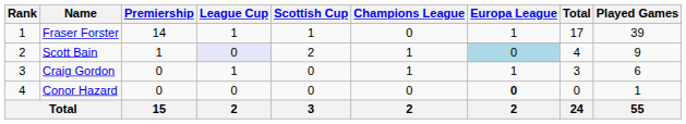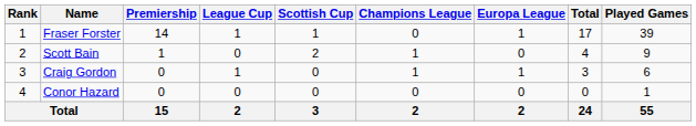 <table class="wikitable sortable" style="text-align: center;">
 <tr>
 <th>Rank</th>
 <th>Name</th>
 <th><a href='#'>Premiership</a></th>
 <th><a href='#'>League Cup</a></th>
 <th><a href='#'>Scottish Cup</a></th>
 <th><a href='#'>Champions League</a></th>
 <th><a href='#'>Europa League</a></th>
 <th>Total</th>
 <th>Played Games</th>
 </tr>
 <tr>
 <td align=center rowspan=1>1</td>
 <td align=left> <a href='#'>Fraser Forster</a></td>
 <td>14</td>
 <td>1</td>
 <td>1</td>
 <td>0</td>
 <td>1</td>
 <td>17</td>
 <td>39</td>
 </tr>
 <tr>
 <td align=center rowspan=1>2</td>
 <td align=left> <a href='#'>Scott Bain</a></td>
 <td>1</td>
-<td style="background: lavender;">0</td>
+<td>0</td>
 <td>2</td>
 <td>1</td>
-<td style="background: lightblue;">0</td>
+<td>0</td>
 <td>4</td>
 <td>9</td>
 </tr>
 <tr>
 <td align=center rowspan=1>3</td>
 <td align=left> <a href='#'>Craig Gordon</a></td>
 <td>0</td>
 <td>1</td>
 <td>0</td>
 <td>1</td>
 <td>1</td>
 <td>3</td>
 <td>6</td>
 </tr>
 <tr>
 <td align=center rowspan=1>4</td>
 <td align=left> <a href='#'>Conor Hazard</a></td>
 <td>0</td>
 <td>0</td>
 <td>0</td>
 <td>0</td>
-<td><strong>0</strong></td>
+<td>0</td>
 <td>0</td>
 <td>1</td>
 </tr>
 <tr>
 <th colspan=2>Total</th>
 <th>15</th>
 <th>2</th>
 <th>3</th>
 <th>2</th>
 <th>2</th>
 <th>24</th>
 <th>55</th>
 </tr>
 </table>
